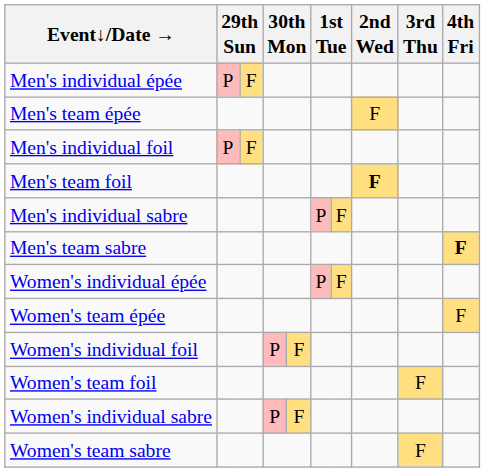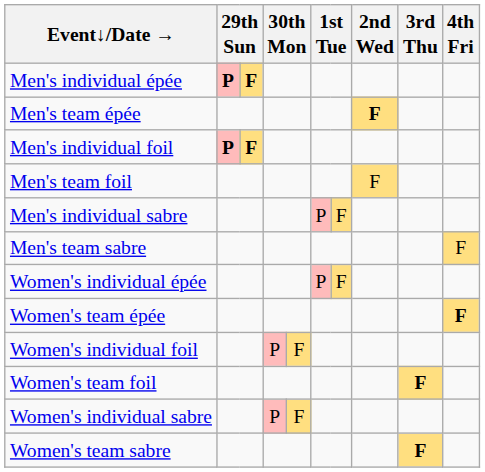 <table class="wikitable" style="margin:0.5em auto; font-size:90%; line-height:1.25em; text-align:center;">
 <tr>
 <th>Event↓/Date →</th>
 <th colspan=2>29th<br>Sun</th>
 <th colspan=2>30th<br>Mon</th>
 <th colspan=2>1st<br>Tue</th>
 <th>2nd<br>Wed</th>
 <th>3rd<br>Thu</th>
 <th>4th<br>Fri</th>
 </tr>
 <tr>
 <td style="text-align:left;"><a href='#'>Men's individual épée</a></td>
-<td bgcolor="#FFBBBB">P</td>
-<td bgcolor="#FFDF80">F</td>
+<td bgcolor="#FFBBBB"><strong>P</strong></td>
+<td bgcolor="#FFDF80"><strong>F</strong></td>
 <td colspan=2></td>
 <td colspan=2></td>
 <td></td>
 <td></td>
 <td></td>
 </tr>
 <tr>
 <td style="text-align:left;"><a href='#'>Men's team épée</a></td>
 <td colspan=2></td>
 <td colspan=2></td>
 <td colspan=2></td>
-<td bgcolor="#FFDF80">F</td>
+<td bgcolor="#FFDF80"><strong>F</strong></td>
 <td></td>
 <td></td>
 </tr>
 <tr>
 <td style="text-align:left;"><a href='#'>Men's individual foil</a></td>
-<td bgcolor="#FFBBBB">P</td>
-<td bgcolor="#FFDF80">F</td>
+<td bgcolor="#FFBBBB"><strong>P</strong></td>
+<td bgcolor="#FFDF80"><strong>F</strong></td>
 <td colspan=2></td>
 <td colspan=2></td>
 <td></td>
 <td></td>
 <td></td>
 </tr>
 <tr>
 <td style="text-align:left;"><a href='#'>Men's team foil</a></td>
 <td colspan=2></td>
 <td colspan=2></td>
 <td colspan=2></td>
-<td bgcolor="#FFDF80"><strong>F</strong></td>
+<td bgcolor="#FFDF80">F</td>
 <td></td>
 <td></td>
 </tr>
 <tr>
 <td style="text-align:left;"><a href='#'>Men's individual sabre</a></td>
 <td colspan=2></td>
 <td colspan=2></td>
 <td bgcolor="#FFBBBB">P</td>
 <td bgcolor="#FFDF80">F</td>
 <td></td>
 <td></td>
 <td></td>
 </tr>
 <tr>
 <td style="text-align:left;"><a href='#'>Men's team sabre</a></td>
 <td colspan=2></td>
 <td colspan=2></td>
 <td colspan=2></td>
 <td></td>
 <td></td>
-<td bgcolor="#FFDF80"><strong>F</strong></td>
+<td bgcolor="#FFDF80">F</td>
 </tr>
 <tr>
 <td style="text-align:left;"><a href='#'>Women's individual épée</a></td>
 <td colspan=2></td>
 <td colspan=2></td>
 <td bgcolor="#FFBBBB">P</td>
 <td bgcolor="#FFDF80">F</td>
 <td></td>
 <td></td>
 <td></td>
 </tr>
 <tr>
 <td style="text-align:left;"><a href='#'>Women's team épée</a></td>
 <td colspan=2></td>
 <td colspan=2></td>
 <td colspan=2></td>
 <td></td>
 <td></td>
-<td bgcolor="#FFDF80">F</td>
+<td bgcolor="#FFDF80"><strong>F</strong></td>
 </tr>
 <tr>
 <td style="text-align:left;"><a href='#'>Women's individual foil</a></td>
 <td colspan=2></td>
 <td bgcolor="#FFBBBB">P</td>
 <td bgcolor="#FFDF80">F</td>
 <td colspan=2></td>
 <td></td>
 <td></td>
 <td></td>
 </tr>
 <tr>
 <td style="text-align:left;"><a href='#'>Women's team foil</a></td>
 <td colspan=2></td>
 <td colspan=2></td>
 <td colspan=2></td>
 <td></td>
-<td bgcolor="#FFDF80">F</td>
+<td bgcolor="#FFDF80"><strong>F</strong></td>
 <td></td>
 </tr>
 <tr>
 <td style="text-align:left;"><a href='#'>Women's individual sabre</a></td>
 <td colspan=2></td>
 <td bgcolor="#FFBBBB">P</td>
 <td bgcolor="#FFDF80">F</td>
 <td colspan=2></td>
 <td></td>
 <td></td>
 <td></td>
 </tr>
 <tr>
 <td style="text-align:left;"><a href='#'>Women's team sabre</a></td>
 <td colspan=2></td>
 <td colspan=2></td>
 <td colspan=2></td>
 <td></td>
-<td bgcolor="#FFDF80">F</td>
+<td bgcolor="#FFDF80"><strong>F</strong></td>
 <td></td>
 </tr>
 </table>
